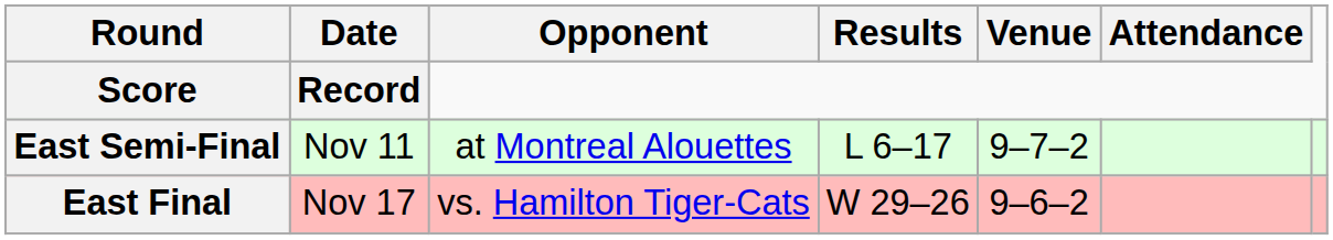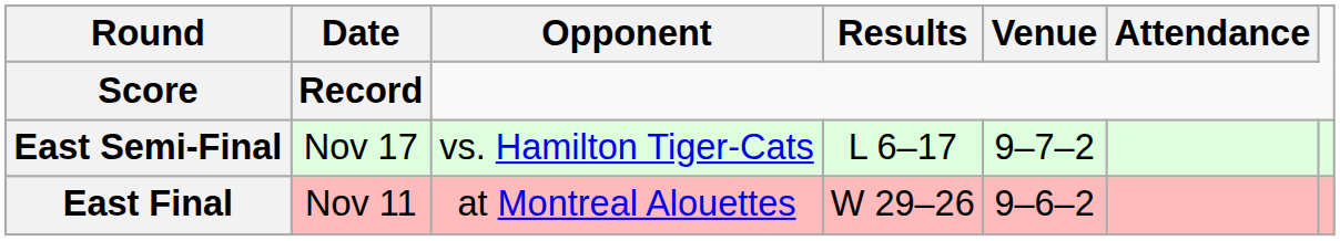 <table class="wikitable" style="text-align:center">
 <tr>
 <th>Round</th>
 <th>Date</th>
 <th>Opponent</th>
 <th>Results</th>
 <th>Venue</th>
 <th>Attendance</th>
 </tr>
 <tr>
 <th>Score</th>
 <th>Record</th>
 </tr>
 <tr style="background:#ddffdd">
 <th>East Semi-Final</th>
-<td>Nov 11</td>
-<td>at <a href='#'>Montreal Alouettes</a></td>
+<td>Nov 17</td>
+<td>vs. <a href='#'>Hamilton Tiger-Cats</a></td>
 <td>L 6–17</td>
 <td>9–7–2</td>
 <td></td>
 <td></td>
 </tr>
 <tr style="background:#ffbbbb">
 <th>East Final</th>
-<td>Nov 17</td>
-<td>vs. <a href='#'>Hamilton Tiger-Cats</a></td>
+<td>Nov 11</td>
+<td>at <a href='#'>Montreal Alouettes</a></td>
 <td>W 29–26</td>
 <td>9–6–2</td>
 <td></td>
 <td></td>
 </tr>
 </table>
